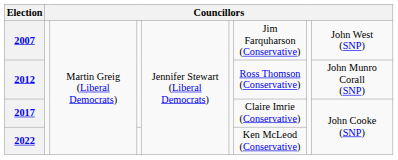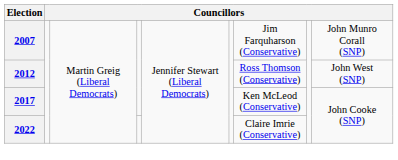 <table class="wikitable" style="text-align:center">
 <tr>
 <th>Election</th>
 <th colspan=8>Councillors</th>
 </tr>
 <tr>
 <th><a href='#'>2007</a></th>
 <td rowspan=4; style="background-color: "></td>
 <td rowspan=4>Martin Greig<br>(<a href='#'>Liberal Democrats</a>)</td>
 <td rowspan=3; style="background-color: "></td>
 <td rowspan=4>Jennifer Stewart<br>(<a href='#'>Liberal Democrats</a>)</td>
 <td rowspan=4; style="background-color: "></td>
 <td rowspan=1>Jim Farquharson<br>(<a href='#'>Conservative</a>)</td>
 <td rowspan=4; style="background-color: "></td>
-<td rowspan=1>John West<br>(<a href='#'>SNP</a>)</td>
+<td rowspan=1>John Munro Corall<br>(<a href='#'>SNP</a>)</td>
 </tr>
 <tr>
 <th><a href='#'>2012</a></th>
 <td rowspan=1><a href='#'>Ross Thomson</a><br>(<a href='#'>Conservative</a>)</td>
-<td rowspan=1>John Munro Corall<br>(<a href='#'>SNP</a>)</td>
+<td rowspan=1>John West<br>(<a href='#'>SNP</a>)</td>
 </tr>
 <tr>
 <th><a href='#'>2017</a></th>
-<td rowspan=1>Claire Imrie<br>(<a href='#'>Conservative</a>)</td>
+<td rowspan=1>Ken McLeod<br>(<a href='#'>Conservative</a>)</td>
 <td rowspan=2>John Cooke<br>(<a href='#'>SNP</a>)</td>
 </tr>
 <tr>
 <th><a href='#'>2022</a></th>
 <td rowspan=1; style="background-color: "></td>
-<td rowspan=1>Ken McLeod<br>(<a href='#'>Conservative</a>)</td>
+<td rowspan=1>Claire Imrie<br>(<a href='#'>Conservative</a>)</td>
 </tr>
 </table>
